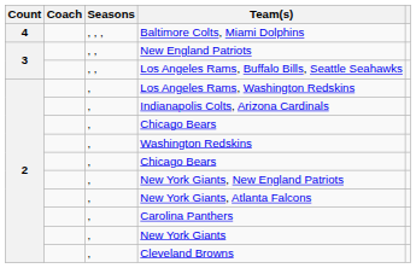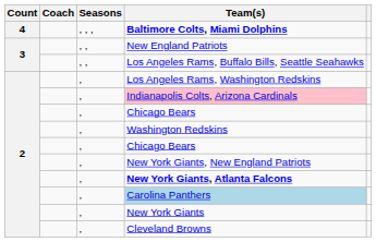 <table class="wikitable sortable">
 <tr>
 <th scope="col">Count</th>
 <th scope="col">Coach</th>
 <th scope="col" class= "unsortable">Seasons</th>
 <th scope="col" class= "unsortable">Team(s)</th>
 <th scope="col" class= "unsortable"></th>
 </tr>
 <tr>
 <th scope="row">4</th>
 <td></td>
 <td>, , , </td>
-<td><a href='#'>Baltimore Colts</a>, <a href='#'>Miami Dolphins</a></td>
+<td><strong><a href='#'>Baltimore Colts</a>, <a href='#'>Miami Dolphins</a></strong></td>
 <td></td>
 </tr>
 <tr>
 <th rowspan="2" scope="row">3</th>
 <td></td>
 <td>, , </td>
 <td><a href='#'>New England Patriots</a></td>
 <td></td>
 </tr>
 <tr>
 <td></td>
 <td>, , </td>
 <td><a href='#'>Los Angeles Rams</a>, <a href='#'>Buffalo Bills</a>, <a href='#'>Seattle Seahawks</a></td>
 <td></td>
 </tr>
 <tr>
 <th rowspan="10" scope="row">2</th>
 <td></td>
 <td>, </td>
 <td><a href='#'>Los Angeles Rams</a>, <a href='#'>Washington Redskins</a></td>
 <td></td>
 </tr>
 <tr>
 <td></td>
 <td>, </td>
-<td><a href='#'>Indianapolis Colts</a>, <a href='#'>Arizona Cardinals</a></td>
+<td style="background: pink;"><a href='#'>Indianapolis Colts</a>, <a href='#'>Arizona Cardinals</a></td>
 <td></td>
 </tr>
 <tr>
 <td></td>
 <td>, </td>
 <td><a href='#'>Chicago Bears</a></td>
 <td></td>
 </tr>
 <tr>
 <td></td>
 <td>, </td>
 <td><a href='#'>Washington Redskins</a></td>
 <td></td>
 </tr>
 <tr>
 <td></td>
 <td>, </td>
 <td><a href='#'>Chicago Bears</a></td>
 <td></td>
 </tr>
 <tr>
 <td></td>
 <td>, </td>
 <td><a href='#'>New York Giants</a>, <a href='#'>New England Patriots</a></td>
 <td></td>
 </tr>
 <tr>
 <td></td>
 <td>, </td>
-<td><a href='#'>New York Giants</a>, <a href='#'>Atlanta Falcons</a></td>
+<td><strong><a href='#'>New York Giants</a>, <a href='#'>Atlanta Falcons</a></strong></td>
 <td></td>
 </tr>
 <tr>
 <td></td>
 <td>, </td>
-<td><a href='#'>Carolina Panthers</a></td>
+<td style="background: lightblue;"><a href='#'>Carolina Panthers</a></td>
 <td></td>
 </tr>
 <tr>
 <td></td>
 <td>, </td>
 <td><a href='#'>New York Giants</a></td>
 <td></td>
 </tr>
 <tr>
 <td></td>
 <td>, </td>
 <td><a href='#'>Cleveland Browns</a></td>
 <td></td>
 </tr>
 </table>
